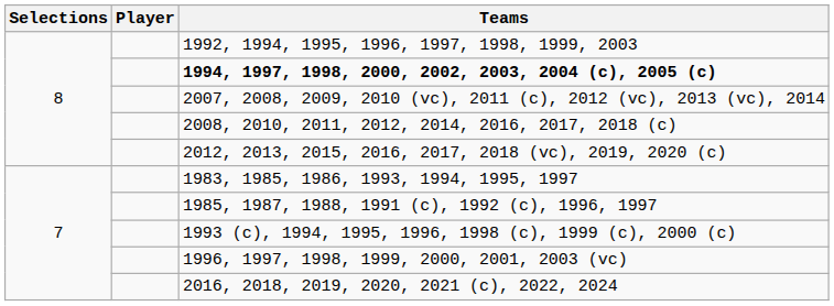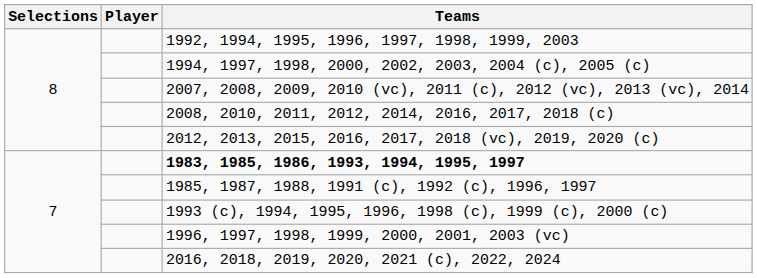 <table class="wikitable sortable">
 <tr>
 <th>Selections</th>
 <th>Player</th>
 <th class="unsortable">Teams</th>
 </tr>
 <tr>
 <td rowspan="5" align="center">8</td>
 <td></td>
 <td>1992, 1994, 1995, 1996, 1997, 1998, 1999, 2003</td>
 </tr>
 <tr>
 <td></td>
-<td><strong>1994, 1997, 1998, 2000, 2002, 2003, 2004 (c), 2005 (c)</strong></td>
+<td>1994, 1997, 1998, 2000, 2002, 2003, 2004 (c), 2005 (c)</td>
 </tr>
 <tr>
 <td></td>
 <td>2007, 2008, 2009, 2010 (vc), 2011 (c), 2012 (vc), 2013 (vc), 2014</td>
 </tr>
 <tr>
 <td></td>
 <td>2008, 2010, 2011, 2012, 2014, 2016, 2017, 2018 (c)</td>
 </tr>
 <tr>
 <td></td>
 <td>2012, 2013, 2015, 2016, 2017, 2018 (vc), 2019, 2020 (c)</td>
 </tr>
 <tr>
 <td rowspan="5" align="center">7</td>
 <td></td>
-<td>1983, 1985, 1986, 1993, 1994, 1995, 1997</td>
+<td><strong>1983, 1985, 1986, 1993, 1994, 1995, 1997</strong></td>
 </tr>
 <tr>
 <td></td>
 <td>1985, 1987, 1988, 1991 (c), 1992 (c), 1996, 1997</td>
 </tr>
 <tr>
 <td></td>
 <td>1993 (c), 1994, 1995, 1996, 1998 (c), 1999 (c), 2000 (c)</td>
 </tr>
 <tr>
 <td></td>
 <td>1996, 1997, 1998, 1999, 2000, 2001, 2003 (vc)</td>
 </tr>
 <tr>
 <td></td>
 <td>2016, 2018, 2019, 2020, 2021 (c), 2022, 2024</td>
 </tr>
 </table>
